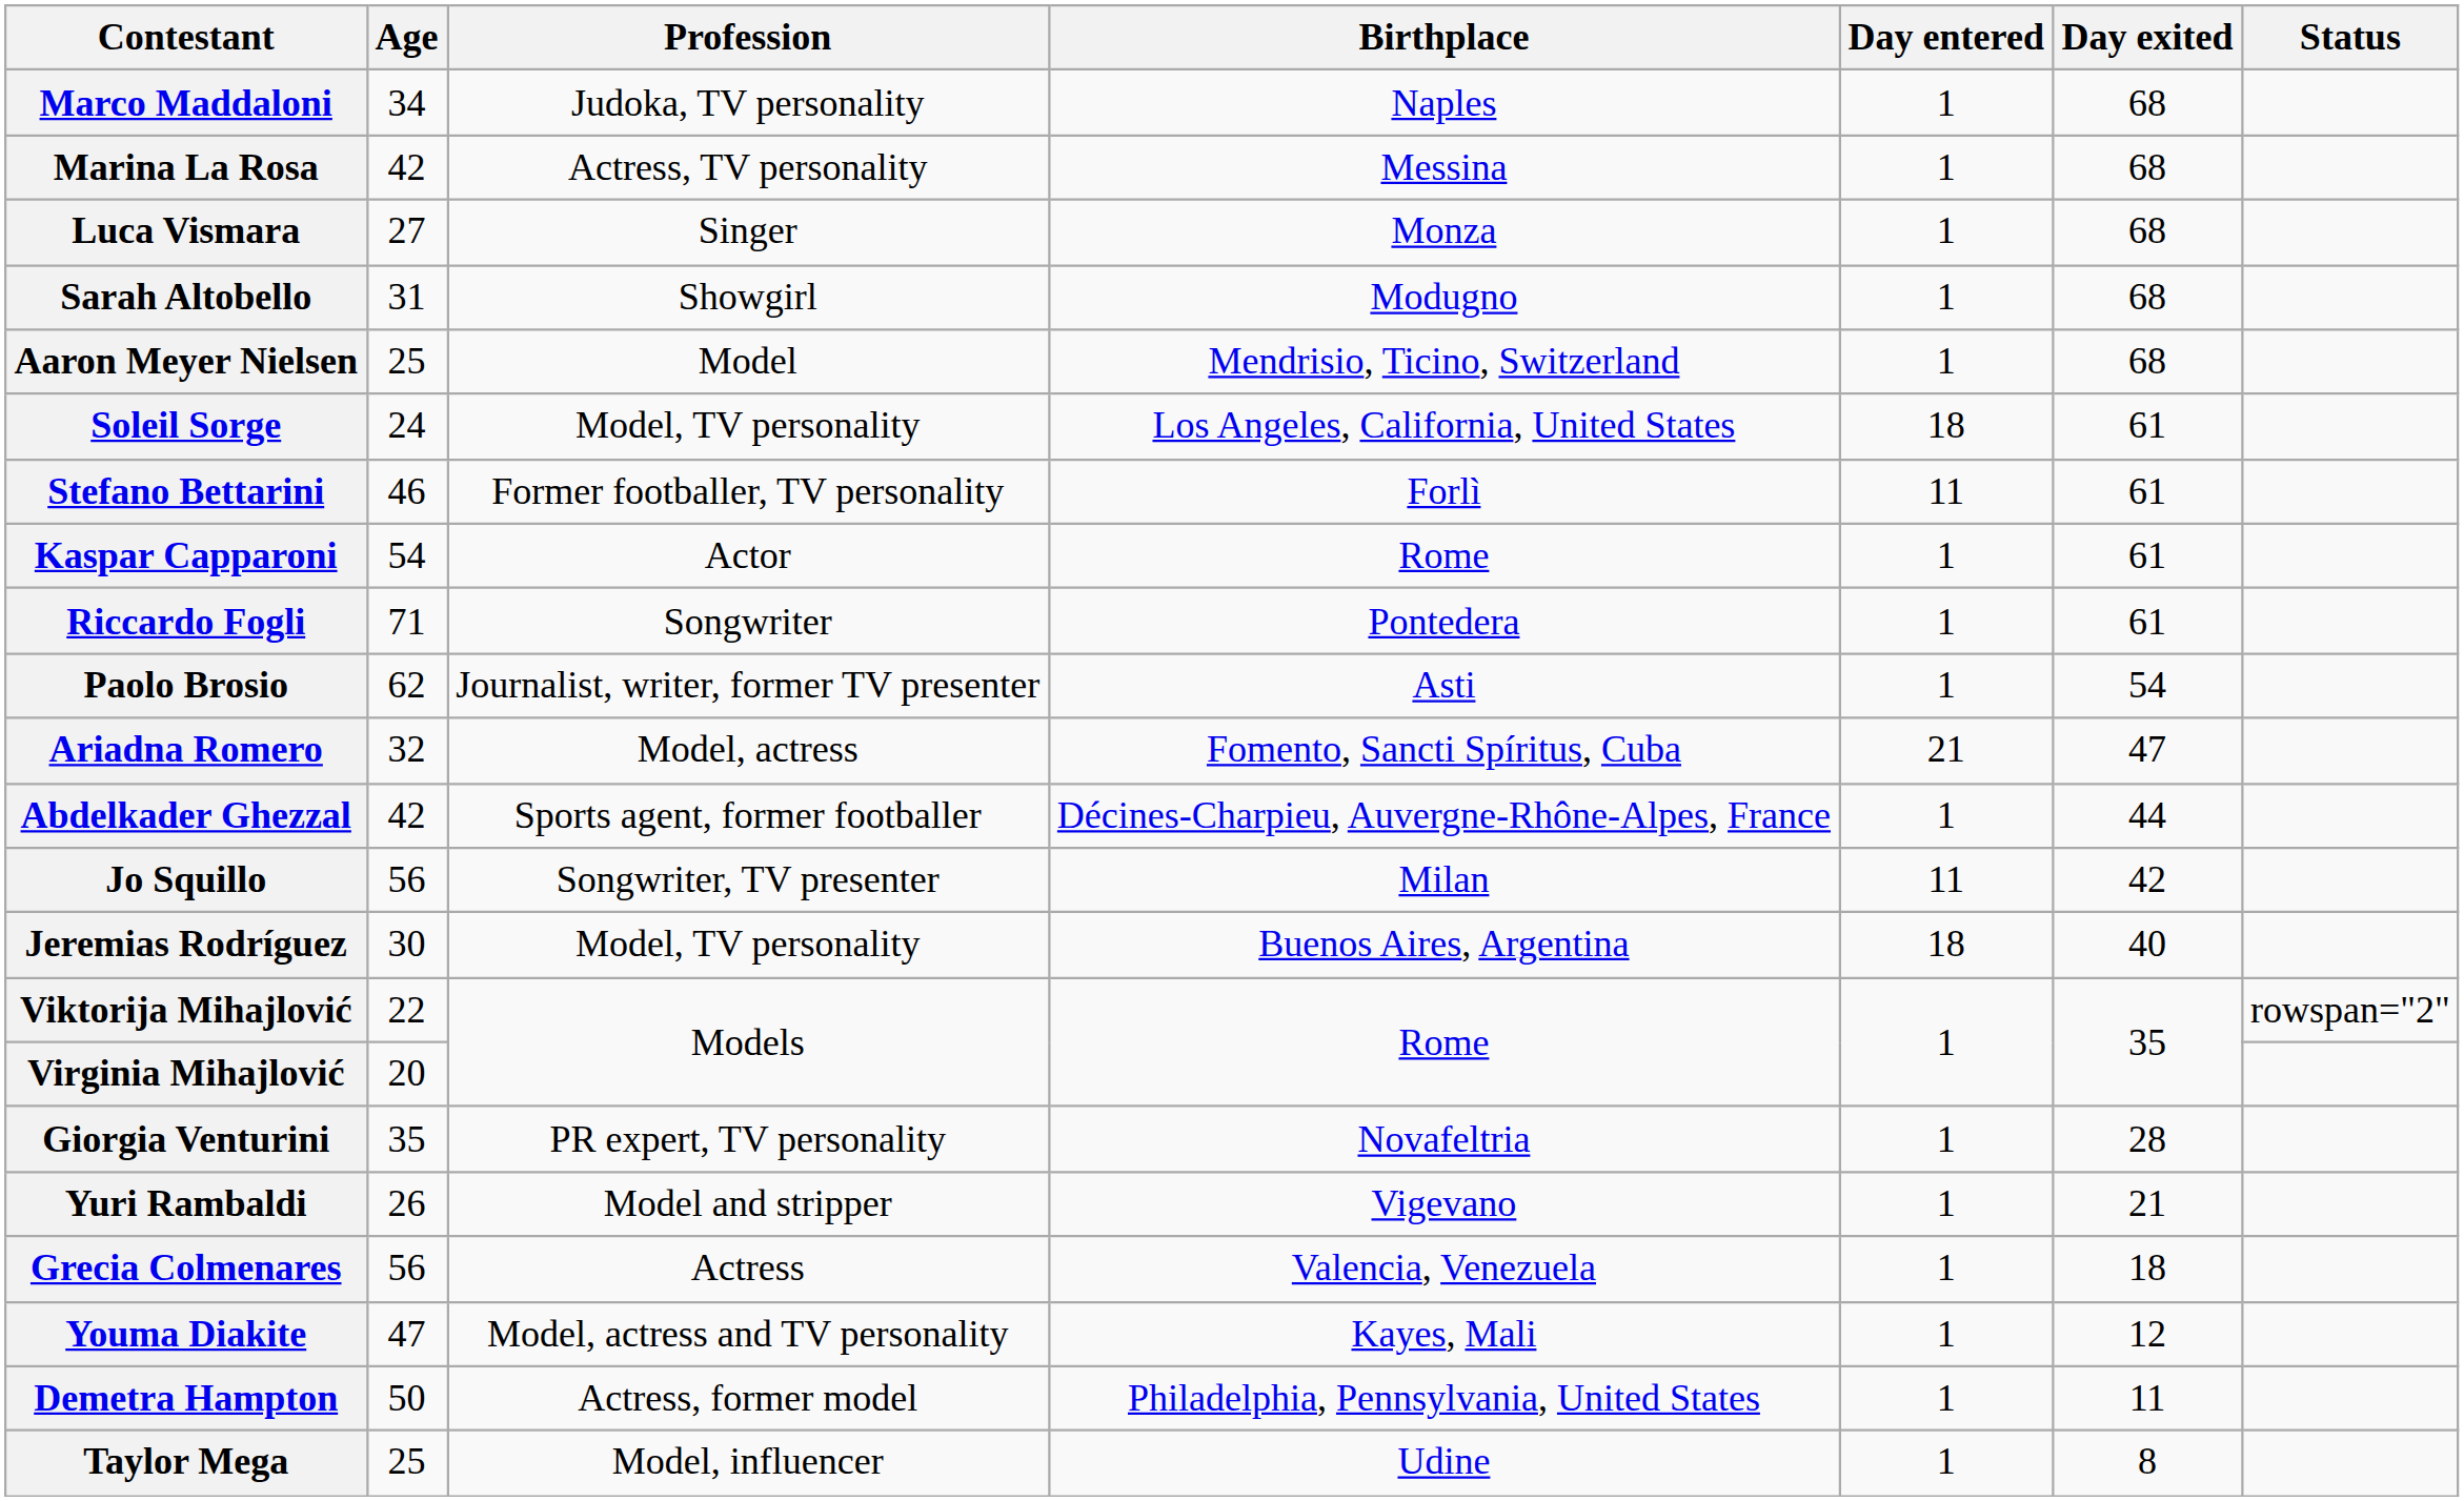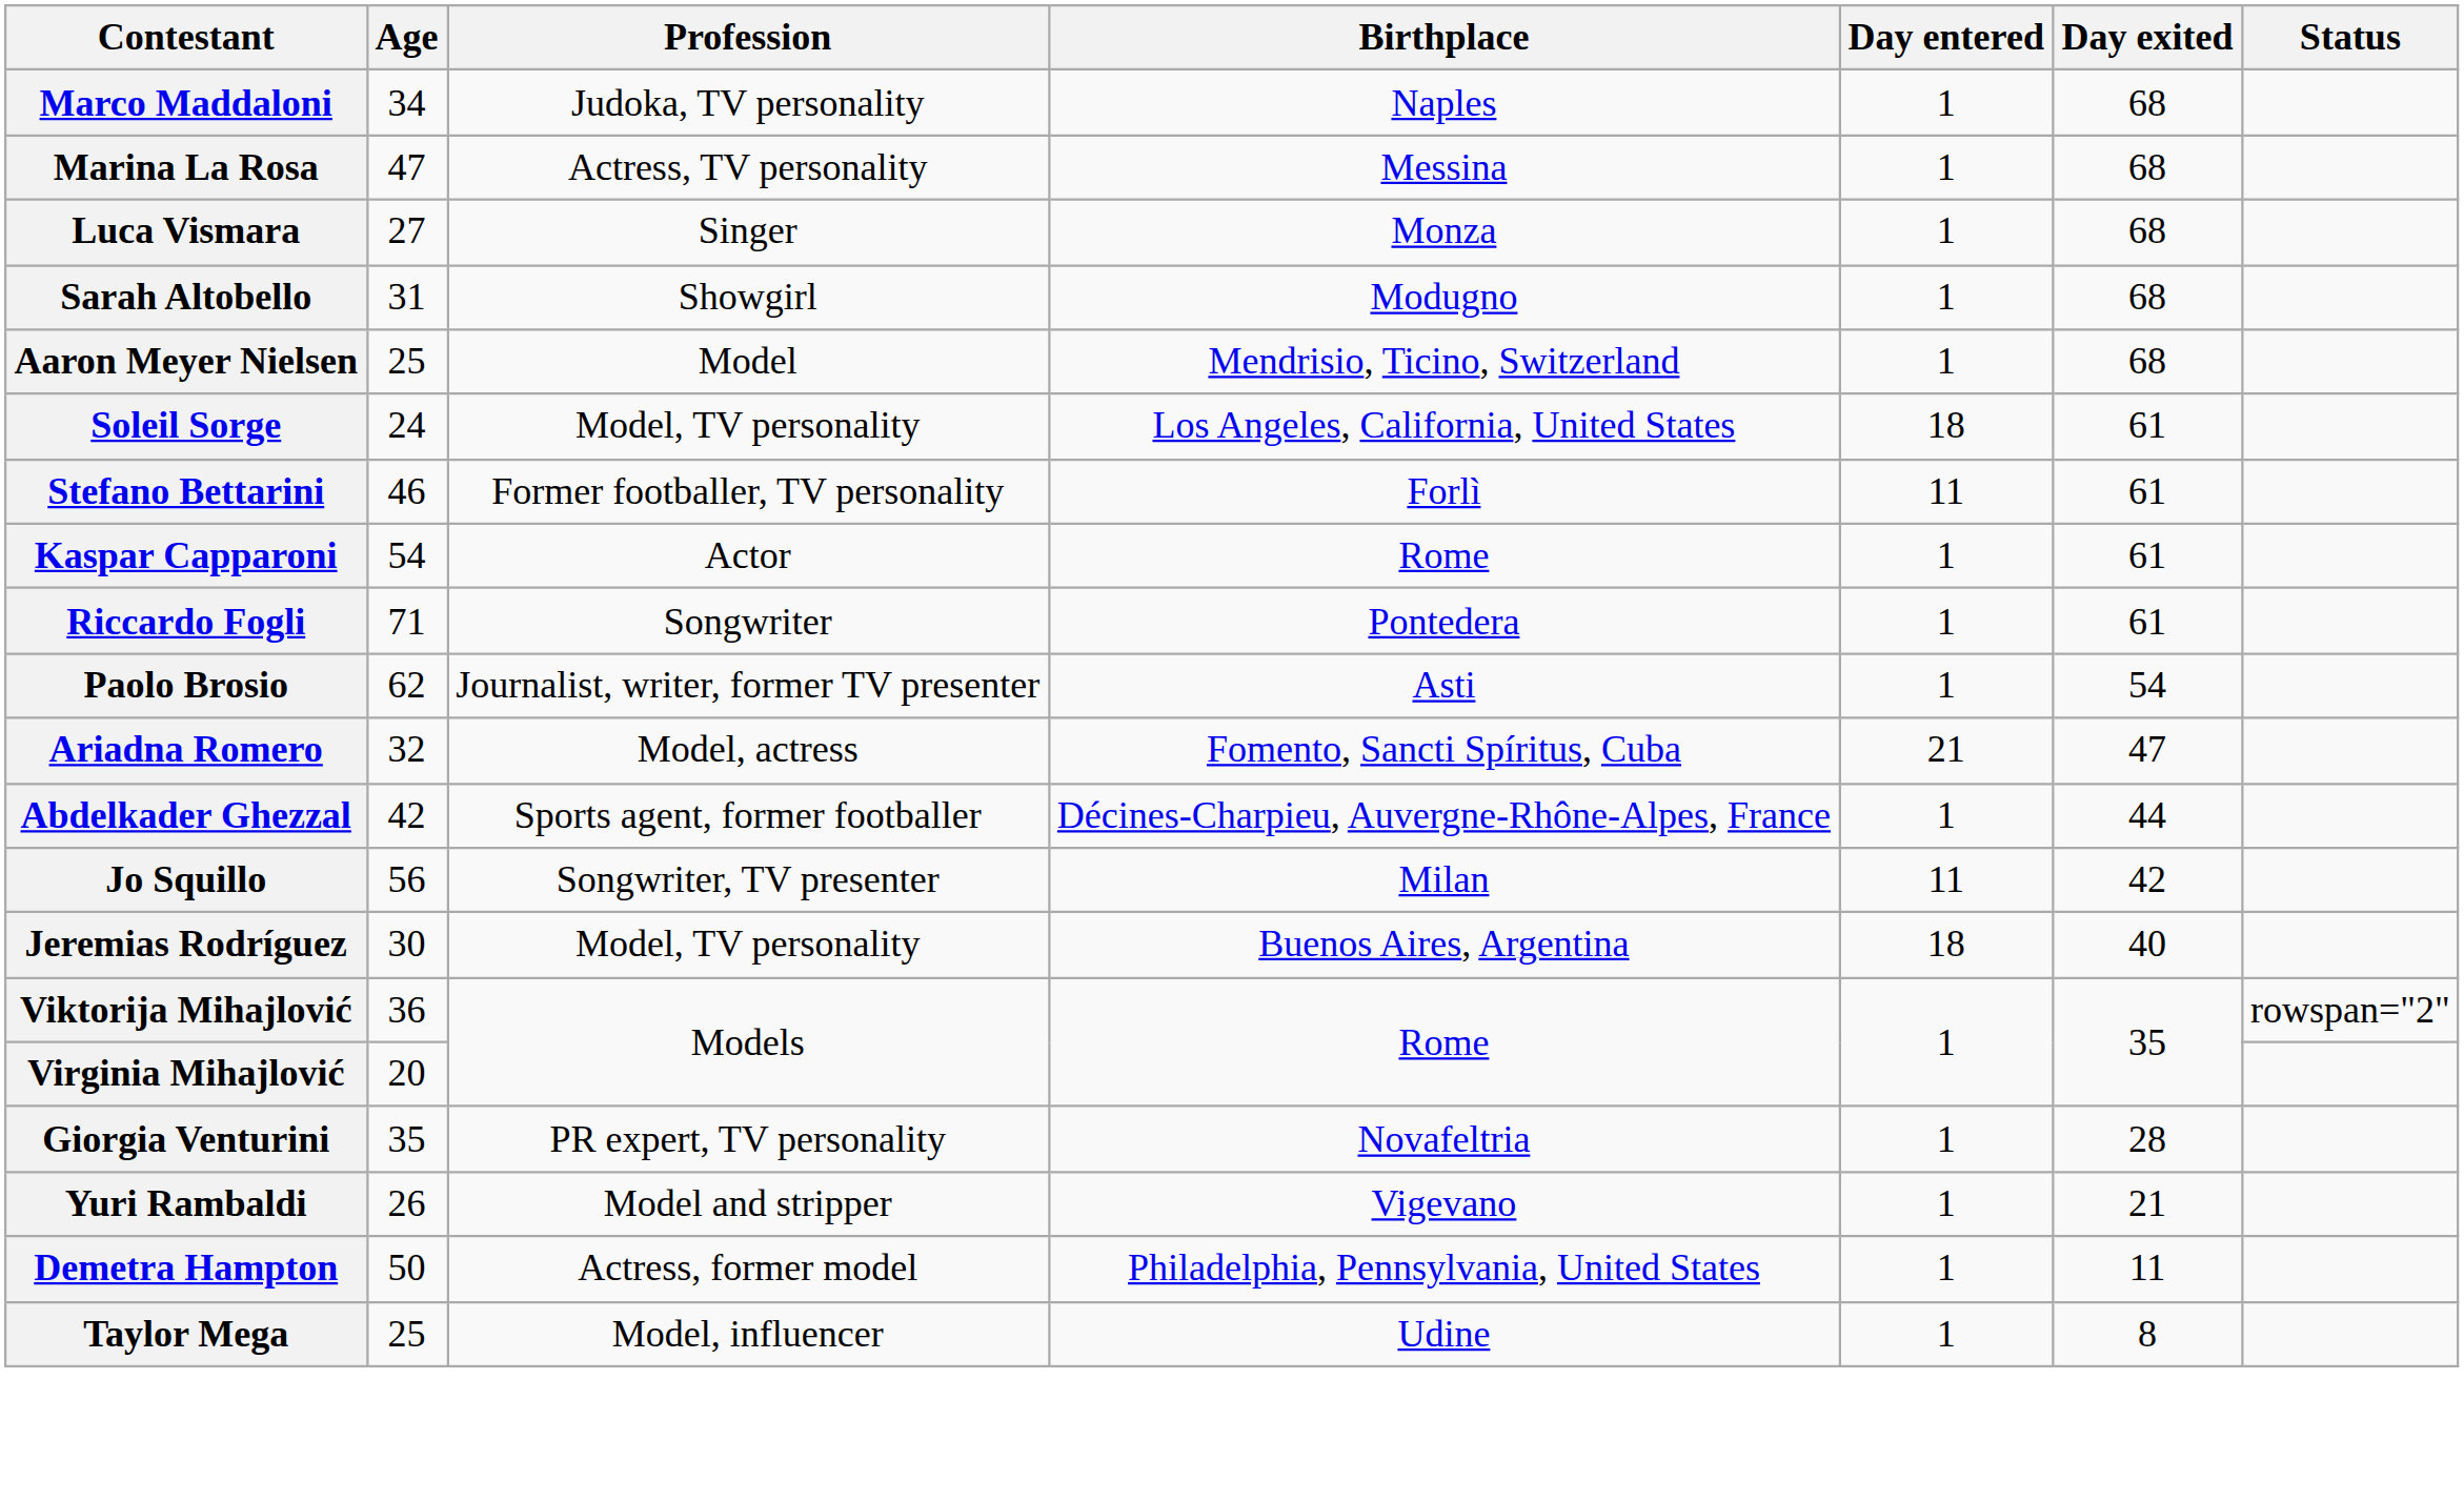 <table class="wikitable sortable" style="text-align:center; line-height:20px; width:auto;">
 <tr>
 <th>Contestant</th>
 <th>Age</th>
 <th>Profession</th>
 <th>Birthplace</th>
 <th>Day entered</th>
 <th>Day exited</th>
 <th>Status</th>
 </tr>
 <tr>
 <th><a href='#'>Marco Maddaloni</a></th>
 <td>34</td>
 <td>Judoka, TV personality</td>
 <td><a href='#'>Naples</a></td>
 <td>1</td>
 <td>68</td>
 <td></td>
 </tr>
 <tr>
 <th>Marina La Rosa</th>
-<td>42</td>
+<td>47</td>
 <td>Actress, TV personality</td>
 <td><a href='#'>Messina</a></td>
 <td>1</td>
 <td>68</td>
 <td></td>
 </tr>
 <tr>
 <th>Luca Vismara</th>
 <td>27</td>
 <td>Singer</td>
 <td><a href='#'>Monza</a></td>
 <td>1</td>
 <td>68</td>
 <td></td>
 </tr>
 <tr>
 <th>Sarah Altobello</th>
 <td>31</td>
 <td>Showgirl</td>
 <td><a href='#'>Modugno</a></td>
 <td>1</td>
 <td>68</td>
 <td></td>
 </tr>
 <tr>
 <th>Aaron Meyer Nielsen</th>
 <td>25</td>
 <td>Model</td>
 <td><a href='#'>Mendrisio</a>, <a href='#'>Ticino</a>, <a href='#'>Switzerland</a></td>
 <td>1</td>
 <td>68</td>
 <td></td>
 </tr>
 <tr>
 <th><a href='#'>Soleil Sorge</a></th>
 <td>24</td>
 <td>Model, TV personality</td>
 <td><a href='#'>Los Angeles</a>, <a href='#'>California</a>, <a href='#'>United States</a></td>
 <td>18</td>
 <td>61</td>
 <td></td>
 </tr>
 <tr>
 <th><a href='#'>Stefano Bettarini</a></th>
 <td>46</td>
 <td>Former footballer, TV personality</td>
 <td><a href='#'>Forlì</a></td>
 <td>11</td>
 <td>61</td>
 <td></td>
 </tr>
 <tr>
 <th><a href='#'>Kaspar Capparoni</a></th>
 <td>54</td>
 <td>Actor</td>
 <td><a href='#'>Rome</a></td>
 <td>1</td>
 <td>61</td>
 <td></td>
 </tr>
 <tr>
 <th><a href='#'>Riccardo Fogli</a></th>
 <td>71</td>
 <td>Songwriter</td>
 <td><a href='#'>Pontedera</a></td>
 <td>1</td>
 <td>61</td>
 <td></td>
 </tr>
 <tr>
 <th>Paolo Brosio</th>
 <td>62</td>
 <td>Journalist, writer, former TV presenter</td>
 <td><a href='#'>Asti</a></td>
 <td>1</td>
 <td>54</td>
 <td></td>
 </tr>
 <tr>
 <th><a href='#'>Ariadna Romero</a></th>
 <td>32</td>
 <td>Model, actress</td>
 <td><a href='#'>Fomento</a>, <a href='#'>Sancti Spíritus</a>, <a href='#'>Cuba</a></td>
 <td>21</td>
 <td>47</td>
 <td></td>
 </tr>
 <tr>
 <th><a href='#'>Abdelkader Ghezzal</a></th>
 <td>42</td>
 <td>Sports agent, former footballer</td>
 <td><a href='#'>Décines-Charpieu</a>, <a href='#'>Auvergne-Rhône-Alpes</a>, <a href='#'>France</a></td>
 <td>1</td>
 <td>44</td>
 <td></td>
 </tr>
 <tr>
 <th>Jo Squillo</th>
 <td>56</td>
 <td>Songwriter, TV presenter</td>
 <td><a href='#'>Milan</a></td>
 <td>11</td>
 <td>42</td>
 <td></td>
 </tr>
 <tr>
 <th>Jeremias Rodríguez</th>
 <td>30</td>
 <td>Model, TV personality</td>
 <td><a href='#'>Buenos Aires</a>, <a href='#'>Argentina</a></td>
 <td>18</td>
 <td>40</td>
 <td></td>
 </tr>
 <tr>
 <th>Viktorija Mihajlović</th>
-<td>22</td>
+<td>36</td>
 <td rowspan="2">Models</td>
 <td rowspan="2"><a href='#'>Rome</a></td>
 <td rowspan="2">1</td>
 <td rowspan="2">35</td>
 <td>rowspan="2" </td>
 </tr>
 <tr>
 <th>Virginia Mihajlović</th>
 <td>20</td>
 </tr>
 <tr>
 <th>Giorgia Venturini</th>
 <td>35</td>
 <td>PR expert, TV personality</td>
 <td><a href='#'>Novafeltria</a></td>
 <td>1</td>
 <td>28</td>
 <td></td>
 </tr>
 <tr>
 <th>Yuri Rambaldi</th>
 <td>26</td>
 <td>Model and stripper</td>
 <td><a href='#'>Vigevano</a></td>
 <td>1</td>
 <td>21</td>
 <td></td>
 </tr>
 <tr>
-<th><a href='#'>Grecia Colmenares</a></th>
-<td>56</td>
-<td>Actress</td>
-<td><a href='#'>Valencia</a>, <a href='#'>Venezuela</a></td>
-<td>1</td>
-<td>18</td>
-<td></td>
-</tr>
-<tr>
-<th><a href='#'>Youma Diakite</a></th>
-<td>47</td>
-<td>Model, actress and TV personality</td>
-<td><a href='#'>Kayes</a>, <a href='#'>Mali</a></td>
-<td>1</td>
-<td>12</td>
-<td></td>
-</tr>
-<tr>
 <th><a href='#'>Demetra Hampton</a></th>
 <td>50</td>
 <td>Actress, former model</td>
 <td><a href='#'>Philadelphia</a>, <a href='#'>Pennsylvania</a>, <a href='#'>United States</a></td>
 <td>1</td>
 <td>11</td>
 <td></td>
 </tr>
 <tr>
 <th>Taylor Mega</th>
 <td>25</td>
 <td>Model, influencer</td>
 <td><a href='#'>Udine</a></td>
 <td>1</td>
 <td>8</td>
 <td></td>
 </tr>
 </table>
